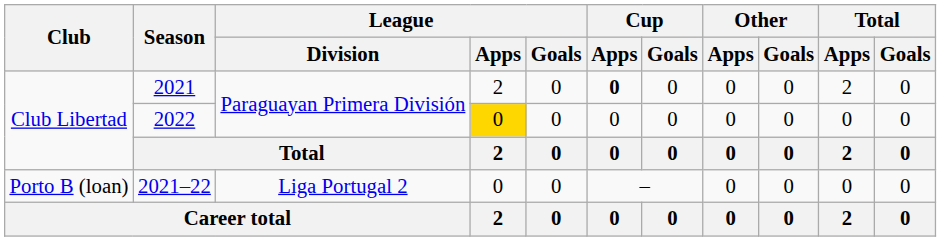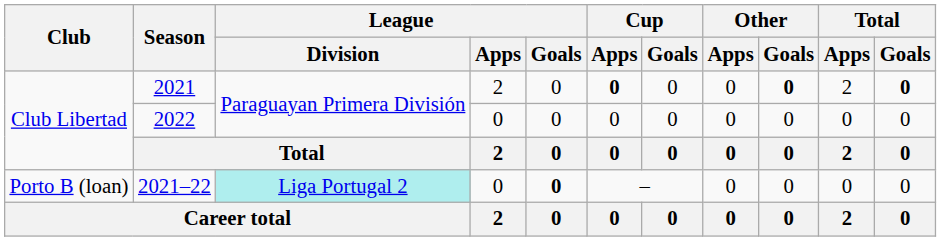 <table class="wikitable" style="text-align: center">
 <tr>
 <th rowspan="2">Club</th>
 <th rowspan="2">Season</th>
 <th colspan="3">League</th>
 <th colspan="2">Cup</th>
 <th colspan="2">Other</th>
 <th colspan="2">Total</th>
 </tr>
 <tr>
 <th>Division</th>
 <th>Apps</th>
 <th>Goals</th>
 <th>Apps</th>
 <th>Goals</th>
 <th>Apps</th>
 <th>Goals</th>
 <th>Apps</th>
 <th>Goals</th>
 </tr>
 <tr>
 <td rowspan="3"><a href='#'>Club Libertad</a></td>
 <td><a href='#'>2021</a></td>
 <td rowspan="2"><a href='#'>Paraguayan Primera División</a></td>
 <td>2</td>
 <td>0</td>
 <td><strong>0</strong></td>
 <td>0</td>
 <td>0</td>
-<td>0</td>
+<td><strong>0</strong></td>
 <td>2</td>
-<td>0</td>
+<td><strong>0</strong></td>
 </tr>
 <tr>
 <td><a href='#'>2022</a></td>
-<td style="background: gold;">0</td>
+<td>0</td>
 <td>0</td>
 <td>0</td>
 <td>0</td>
 <td>0</td>
 <td>0</td>
 <td>0</td>
 <td>0</td>
 </tr>
 <tr>
 <th colspan=2>Total</th>
 <th>2</th>
 <th>0</th>
 <th>0</th>
 <th>0</th>
 <th>0</th>
 <th>0</th>
 <th>2</th>
 <th>0</th>
 </tr>
 <tr>
 <td><a href='#'>Porto B</a> (loan)</td>
 <td><a href='#'>2021–22</a></td>
-<td><a href='#'>Liga Portugal 2</a></td>
+<td style="background: paleturquoise;"><a href='#'>Liga Portugal 2</a></td>
 <td>0</td>
-<td>0</td>
+<td><strong>0</strong></td>
 <td colspan="2">–</td>
 <td>0</td>
 <td>0</td>
 <td>0</td>
 <td>0</td>
 </tr>
 <tr>
 <th colspan=3>Career total</th>
 <th>2</th>
 <th>0</th>
 <th>0</th>
 <th>0</th>
 <th>0</th>
 <th>0</th>
 <th>2</th>
 <th>0</th>
 </tr>
 </table>
